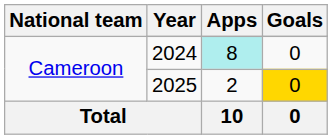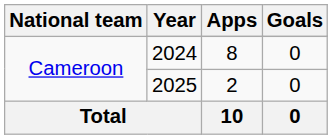 <table class="wikitable" style="text-align:center">
 <tr>
 <th>National team</th>
 <th>Year</th>
 <th>Apps</th>
 <th>Goals</th>
 </tr>
 <tr>
 <td rowspan="3"><a href='#'>Cameroon</a></td>
 </tr>
 <tr>
 <td>2024</td>
-<td style="background: paleturquoise;">8</td>
+<td>8</td>
 <td>0</td>
 </tr>
 <tr>
 <td>2025</td>
 <td>2</td>
-<td style="background: gold;">0</td>
+<td>0</td>
 </tr>
 <tr>
 <th colspan="2">Total</th>
 <th>10</th>
 <th>0</th>
 </tr>
 </table>
